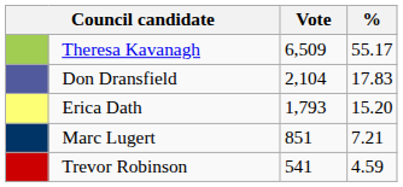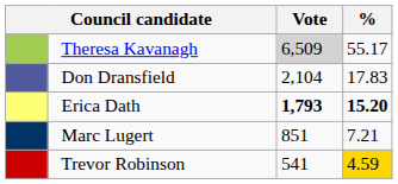 <table class="wikitable">
 <tr>
 <th bgcolor="#DDDDFF" width="230px" colspan="2">Council candidate</th>
 <th bgcolor="#DDDDFF" width="50px">Vote</th>
 <th bgcolor="#DDDDFF" width="30px">%</th>
 </tr>
 <tr>
 <td bgcolor=#A1CD52 width="30px"> </td>
 <td>  <a href='#'>Theresa Kavanagh</a></td>
-<td>6,509</td>
+<td style="background: lightgrey;">6,509</td>
 <td>55.17</td>
 </tr>
 <tr>
 <td bgcolor=#525A9E width="30px"> </td>
 <td>  Don Dransfield</td>
 <td>2,104</td>
 <td>17.83</td>
 </tr>
 <tr>
 <td bgcolor=#FDFF75 width="30px"> </td>
 <td>  Erica Dath</td>
-<td>1,793</td>
-<td>15.20</td>
+<td><strong>1,793</strong></td>
+<td><strong>15.20</strong></td>
 </tr>
 <tr>
 <td bgcolor=#003366 width="30px"> </td>
 <td>  Marc Lugert</td>
 <td>851</td>
 <td>7.21</td>
 </tr>
 <tr>
 <td bgcolor=#CC0000 width="30px"> </td>
 <td>  Trevor Robinson</td>
 <td>541</td>
-<td>4.59</td>
+<td style="background: gold;">4.59</td>
 </tr>
 </table>
